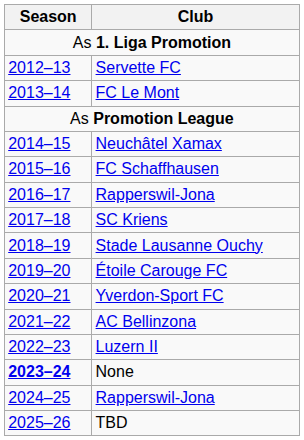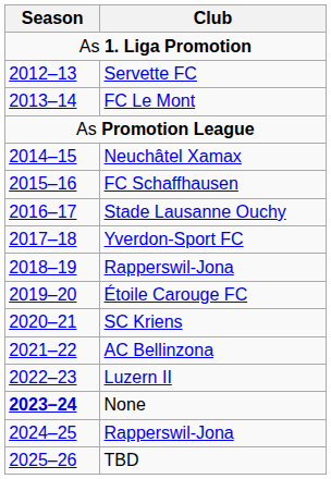 <table class="wikitable">
 <tr align="center" style="background:#dfdfdf">
 <th width="80">Season</th>
 <th width="200">Club</th>
 </tr>
 <tr>
 <td colspan="2" align=center>As <strong>1. Liga Promotion</strong></td>
 </tr>
 <tr>
 <td><a href='#'>2012–13</a></td>
 <td><a href='#'>Servette FC</a></td>
 </tr>
 <tr>
 <td><a href='#'>2013–14</a></td>
 <td><a href='#'>FC Le Mont</a></td>
 </tr>
 <tr>
 <td colspan="2" align=center>As <strong>Promotion League</strong></td>
 </tr>
 <tr>
 <td><a href='#'>2014–15</a></td>
 <td><a href='#'>Neuchâtel Xamax</a></td>
 </tr>
 <tr>
 <td><a href='#'>2015–16</a></td>
 <td><a href='#'>FC Schaffhausen</a></td>
 </tr>
 <tr>
 <td><a href='#'>2016–17</a></td>
-<td><a href='#'>Rapperswil-Jona</a></td>
+<td><a href='#'>Stade Lausanne Ouchy</a></td>
 </tr>
 <tr>
 <td><a href='#'>2017–18</a></td>
-<td><a href='#'>SC Kriens</a></td>
+<td><a href='#'>Yverdon-Sport FC</a></td>
 </tr>
 <tr>
 <td><a href='#'>2018–19</a></td>
-<td><a href='#'>Stade Lausanne Ouchy</a></td>
+<td><a href='#'>Rapperswil-Jona</a></td>
 </tr>
 <tr>
 <td><a href='#'>2019–20</a></td>
 <td><a href='#'>Étoile Carouge FC</a></td>
 </tr>
 <tr>
 <td><a href='#'>2020–21</a></td>
-<td><a href='#'>Yverdon-Sport FC</a></td>
+<td><a href='#'>SC Kriens</a></td>
 </tr>
 <tr>
 <td><a href='#'>2021–22</a></td>
 <td><a href='#'>AC Bellinzona</a></td>
 </tr>
 <tr>
 <td><a href='#'>2022–23</a></td>
 <td><a href='#'>Luzern II</a></td>
 </tr>
 <tr>
 <td><strong><a href='#'>2023–24</a></strong></td>
 <td>None</td>
 </tr>
 <tr>
 <td><a href='#'>2024–25</a></td>
 <td><a href='#'>Rapperswil-Jona</a></td>
 </tr>
 <tr>
 <td><a href='#'>2025–26</a></td>
 <td>TBD</td>
 </tr>
 </table>
